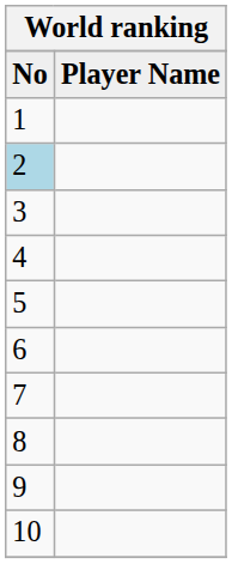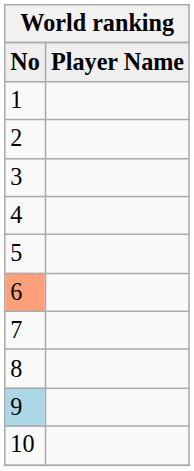 <table class="wikitable">
 <tr>
 <th colspan="5">World ranking</th>
 </tr>
 <tr>
 </tr>
 <tr bgcolor="#efefef">
 <td align="center"><strong>No</strong></td>
 <td align="center"><strong>Player Name</strong></td>
 </tr>
 <tr>
 <td>1</td>
 <td></td>
 </tr>
 <tr>
-<td style="background: lightblue;">2</td>
+<td>2</td>
 <td></td>
 </tr>
 <tr>
 <td>3</td>
 <td></td>
 </tr>
 <tr>
 <td>4</td>
 <td></td>
 </tr>
 <tr>
 <td>5</td>
 <td></td>
 </tr>
 <tr>
-<td>6</td>
+<td style="background: lightsalmon;">6</td>
 <td></td>
 </tr>
 <tr>
 <td>7</td>
 <td></td>
 </tr>
 <tr>
 <td>8</td>
 <td></td>
 </tr>
 <tr>
-<td>9</td>
+<td style="background: lightblue;">9</td>
 <td></td>
 </tr>
 <tr>
 <td>10</td>
 <td></td>
 </tr>
 <tr>
 </tr>
 </table>
